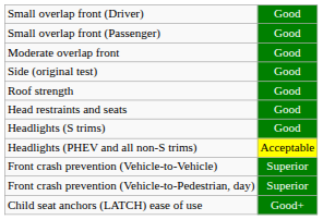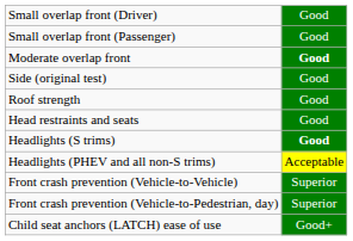 <table class="wikitable">
 <tr>
 <td>Small overlap front (Driver)</td>
 <td style="text-align:center;color:white;background:green">Good</td>
 </tr>
 <tr>
 <td>Small overlap front (Passenger)</td>
 <td style="text-align:center;color:white;background:green">Good</td>
 </tr>
 <tr>
 <td>Moderate overlap front</td>
-<td style="text-align:center;color:white;background:green">Good</td>
+<td style="text-align:center;color:white;background:green"><strong>Good</strong></td>
 </tr>
 <tr>
 <td>Side (original test)</td>
 <td style="text-align:center;color:white;background:green">Good</td>
 </tr>
 <tr>
 <td>Roof strength</td>
 <td style="text-align:center;color:white;background:green">Good</td>
 </tr>
 <tr>
 <td>Head restraints and seats</td>
 <td style="text-align:center;color:white;background:green">Good</td>
 </tr>
 <tr>
 <td>Headlights (S trims)</td>
-<td style="text-align:center;color:white;background:green">Good</td>
+<td style="text-align:center;color:white;background:green"><strong>Good</strong></td>
 </tr>
 <tr>
 <td>Headlights (PHEV and all non-S trims)</td>
 <td style="text-align:center;color:black;background: yellow">Acceptable</td>
 </tr>
 <tr>
 <td>Front crash prevention (Vehicle-to-Vehicle)</td>
 <td style="text-align:center;color:white;background:green">Superior</td>
 </tr>
 <tr>
 <td>Front crash prevention (Vehicle-to-Pedestrian, day)</td>
 <td style="text-align:center;color:white;background:green">Superior</td>
 </tr>
 <tr>
 <td>Child seat anchors (LATCH) ease of use</td>
 <td style="text-align:center;color:white;background:green">Good+</td>
 </tr>
 </table>
